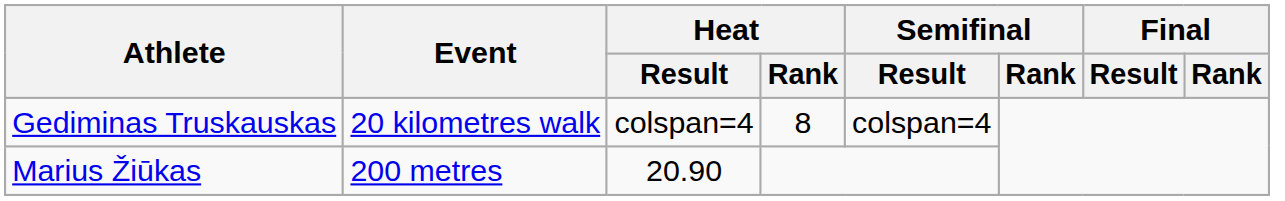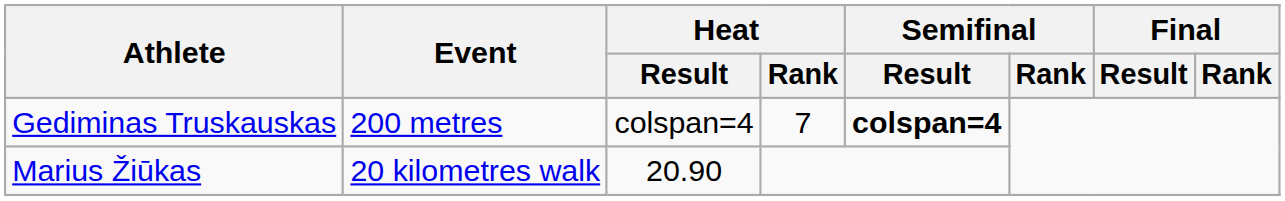 <table class="wikitable" style="font-size:90%">
 <tr>
 <th rowspan="2">Athlete</th>
 <th rowspan="2">Event</th>
 <th colspan="2">Heat</th>
 <th colspan="2">Semifinal</th>
 <th colspan="2">Final</th>
 </tr>
 <tr style="font-size:95%">
 <th>Result</th>
 <th>Rank</th>
 <th>Result</th>
 <th>Rank</th>
 <th>Result</th>
 <th>Rank</th>
 </tr>
 <tr align=center>
 <td align=left><a href='#'>Gediminas Truskauskas</a></td>
-<td align=left><a href='#'>20 kilometres walk</a></td>
+<td align=left><a href='#'>200 metres</a></td>
 <td>colspan=4</td>
-<td>8</td>
-<td>colspan=4 </td>
+<td>7</td>
+<td><strong>colspan=4 </strong></td>
 </tr>
 <tr align=center>
 <td align=left><a href='#'>Marius Žiūkas</a></td>
-<td align=left><a href='#'>200 metres</a></td>
+<td align=left><a href='#'>20 kilometres walk</a></td>
 <td>20.90</td>
 <td colspan=2></td>
 </tr>
 </table>
